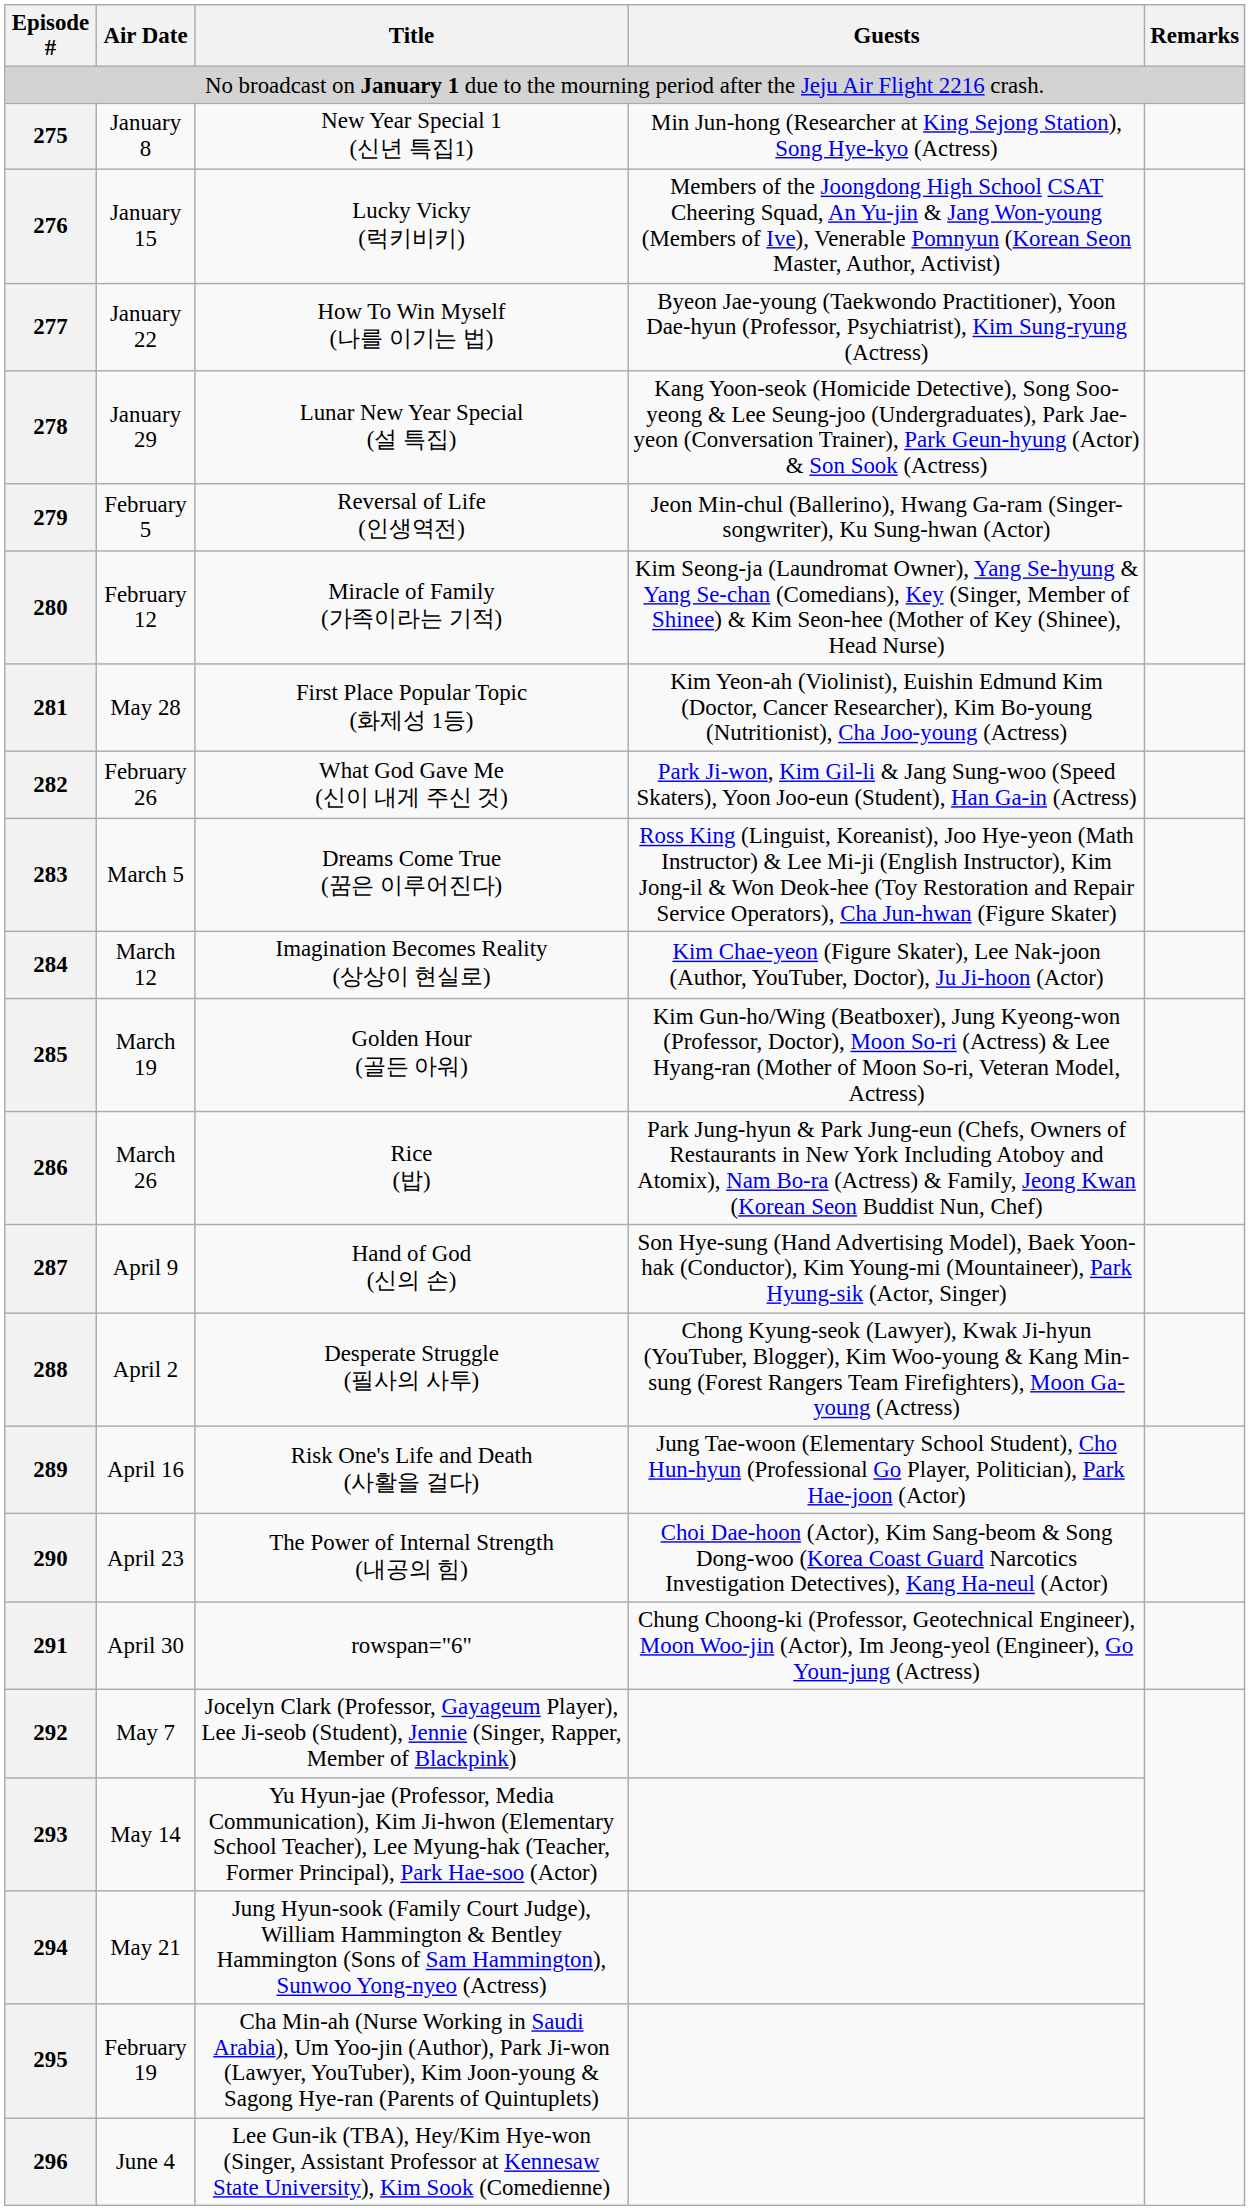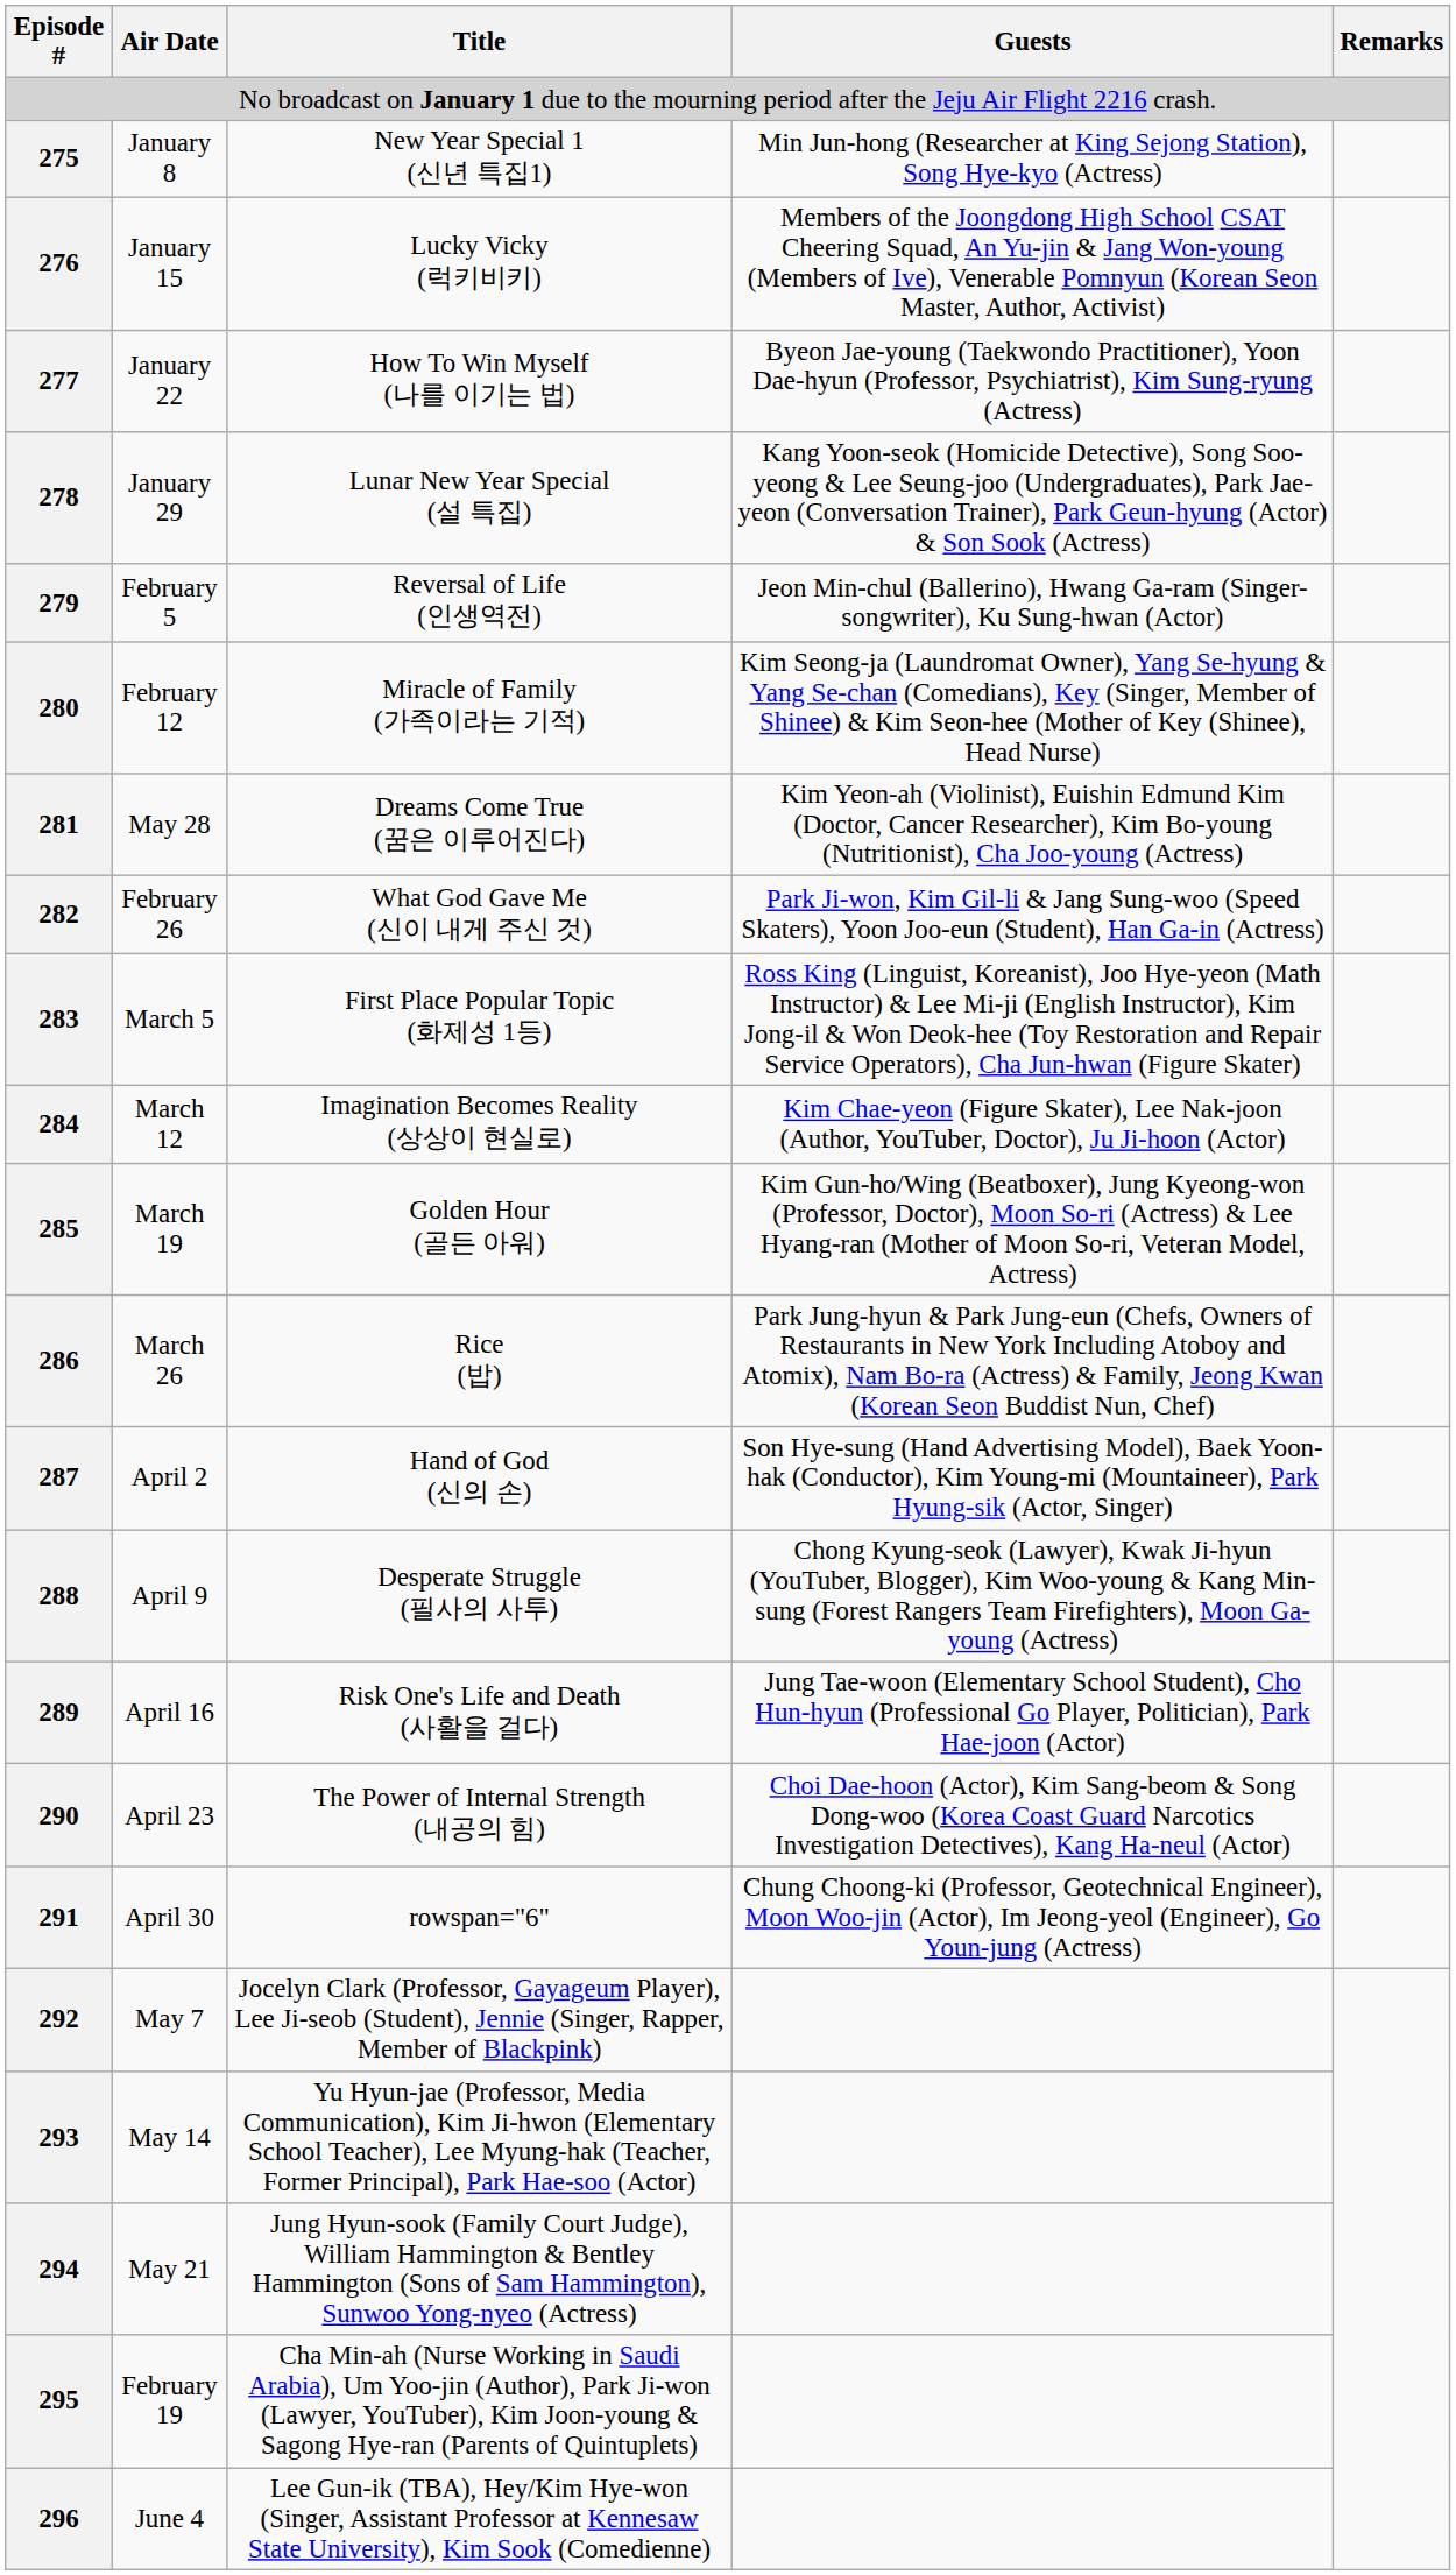 <table class="wikitable" style="text-align:center;">
 <tr>
 <th>Episode #</th>
 <th>Air Date</th>
 <th>Title</th>
 <th>Guests</th>
 <th>Remarks</th>
 </tr>
 <tr>
 <td colspan="5" style="text-align:center;background:Lightgray">No broadcast on <strong>January 1</strong> due to the mourning period after the <a href='#'>Jeju Air Flight 2216</a> crash.</td>
 </tr>
 <tr>
 <th>275</th>
 <td>January 8</td>
 <td>New Year Special 1<br>(신년 특집1)</td>
 <td>Min Jun-hong (Researcher at <a href='#'>King Sejong Station</a>), <a href='#'>Song Hye-kyo</a> (Actress)</td>
 <td></td>
 </tr>
 <tr>
 <th>276</th>
 <td>January 15</td>
 <td>Lucky Vicky<br>(럭키비키)</td>
 <td>Members of the <a href='#'>Joongdong High School</a> <a href='#'>CSAT</a> Cheering Squad, <a href='#'>An Yu-jin</a> & <a href='#'>Jang Won-young</a> (Members of <a href='#'>Ive</a>), Venerable <a href='#'>Pomnyun</a> (<a href='#'>Korean Seon</a> Master, Author, Activist)</td>
 <td></td>
 </tr>
 <tr>
 <th>277</th>
 <td>January 22</td>
 <td>How To Win Myself<br>(나를 이기는 법)</td>
 <td>Byeon Jae-young (Taekwondo Practitioner), Yoon Dae-hyun (Professor, Psychiatrist), <a href='#'>Kim Sung-ryung</a> (Actress)</td>
 <td></td>
 </tr>
 <tr>
 <th>278</th>
 <td>January 29</td>
 <td>Lunar New Year Special<br>(설 특집)</td>
 <td>Kang Yoon-seok (Homicide Detective), Song Soo-yeong & Lee Seung-joo (Undergraduates), Park Jae-yeon (Conversation Trainer), <a href='#'>Park Geun-hyung</a> (Actor) & <a href='#'>Son Sook</a> (Actress)</td>
 <td></td>
 </tr>
 <tr>
 <th>279</th>
 <td>February 5</td>
 <td>Reversal of Life<br>(인생역전)</td>
 <td>Jeon Min-chul (Ballerino), Hwang Ga-ram (Singer-songwriter), Ku Sung-hwan (Actor)</td>
 <td></td>
 </tr>
 <tr>
 <th>280</th>
 <td>February 12</td>
 <td>Miracle of Family<br>(가족이라는 기적)</td>
 <td>Kim Seong-ja (Laundromat Owner), <a href='#'>Yang Se-hyung</a> & <a href='#'>Yang Se-chan</a> (Comedians), <a href='#'>Key</a> (Singer, Member of <a href='#'>Shinee</a>) & Kim Seon-hee (Mother of Key (Shinee), Head Nurse)</td>
 <td></td>
 </tr>
 <tr>
 <th>281</th>
 <td>May 28</td>
-<td>First Place Popular Topic<br>(화제성 1등)</td>
+<td>Dreams Come True<br>(꿈은 이루어진다)</td>
 <td>Kim Yeon-ah (Violinist), Euishin Edmund Kim (Doctor, Cancer Researcher), Kim Bo-young (Nutritionist), <a href='#'>Cha Joo-young</a> (Actress)</td>
 <td></td>
 </tr>
 <tr>
 <th>282</th>
 <td>February 26</td>
 <td>What God Gave Me<br>(신이 내게 주신 것)</td>
 <td><a href='#'>Park Ji-won</a>, <a href='#'>Kim Gil-li</a> & Jang Sung-woo (Speed Skaters), Yoon Joo-eun (Student), <a href='#'>Han Ga-in</a> (Actress)</td>
 <td></td>
 </tr>
 <tr>
 <th>283</th>
 <td>March 5</td>
-<td>Dreams Come True<br>(꿈은 이루어진다)</td>
+<td>First Place Popular Topic<br>(화제성 1등)</td>
 <td><a href='#'>Ross King</a> (Linguist, Koreanist), Joo Hye-yeon (Math Instructor) & Lee Mi-ji (English Instructor), Kim Jong-il & Won Deok-hee (Toy Restoration and Repair Service Operators), <a href='#'>Cha Jun-hwan</a> (Figure Skater)</td>
 <td></td>
 </tr>
 <tr>
 <th>284</th>
 <td>March 12</td>
 <td>Imagination Becomes Reality<br>(상상이 현실로)</td>
 <td><a href='#'>Kim Chae-yeon</a> (Figure Skater), Lee Nak-joon (Author, YouTuber, Doctor), <a href='#'>Ju Ji-hoon</a> (Actor)</td>
 <td></td>
 </tr>
 <tr>
 <th>285</th>
 <td>March 19</td>
 <td>Golden Hour<br>(골든 아워)</td>
 <td>Kim Gun-ho/Wing (Beatboxer), Jung Kyeong-won (Professor, Doctor), <a href='#'>Moon So-ri</a> (Actress) & Lee Hyang-ran (Mother of Moon So-ri, Veteran Model, Actress)</td>
 <td></td>
 </tr>
 <tr>
 <th>286</th>
 <td>March 26</td>
 <td>Rice<br>(밥)</td>
 <td>Park Jung-hyun & Park Jung-eun (Chefs, Owners of Restaurants in New York Including Atoboy and Atomix), <a href='#'>Nam Bo-ra</a> (Actress) & Family, <a href='#'>Jeong Kwan</a> (<a href='#'>Korean Seon</a> Buddist Nun, Chef)</td>
 <td></td>
 </tr>
 <tr>
 <th>287</th>
-<td>April 9</td>
+<td>April 2</td>
 <td>Hand of God<br>(신의 손)</td>
 <td>Son Hye-sung (Hand Advertising Model), Baek Yoon-hak (Conductor), Kim Young-mi (Mountaineer), <a href='#'>Park Hyung-sik</a> (Actor, Singer)</td>
 <td></td>
 </tr>
 <tr>
 <th>288</th>
-<td>April 2</td>
+<td>April 9</td>
 <td>Desperate Struggle<br>(필사의 사투)</td>
 <td>Chong Kyung-seok (Lawyer), Kwak Ji-hyun (YouTuber, Blogger), Kim Woo-young & Kang Min-sung (Forest Rangers Team Firefighters), <a href='#'>Moon Ga-young</a> (Actress)</td>
 <td></td>
 </tr>
 <tr>
 <th>289</th>
 <td>April 16</td>
 <td>Risk One's Life and Death<br>(사활을 걸다)</td>
 <td>Jung Tae-woon (Elementary School Student), <a href='#'>Cho Hun-hyun</a> (Professional <a href='#'>Go</a> Player, Politician), <a href='#'>Park Hae-joon</a> (Actor)</td>
 <td></td>
 </tr>
 <tr>
 <th>290</th>
 <td>April 23</td>
 <td>The Power of Internal Strength<br>(내공의 힘)</td>
 <td><a href='#'>Choi Dae-hoon</a> (Actor), Kim Sang-beom & Song Dong-woo (<a href='#'>Korea Coast Guard</a> Narcotics Investigation Detectives), <a href='#'>Kang Ha-neul</a> (Actor)</td>
 <td></td>
 </tr>
 <tr>
 <th>291</th>
 <td>April 30</td>
 <td>rowspan="6" </td>
 <td>Chung Choong-ki (Professor, Geotechnical Engineer), <a href='#'>Moon Woo-jin</a> (Actor), Im Jeong-yeol (Engineer), <a href='#'>Go Youn-jung</a> (Actress)</td>
 <td></td>
 </tr>
 <tr>
 <th>292</th>
 <td>May 7</td>
 <td>Jocelyn Clark (Professor, <a href='#'>Gayageum</a> Player), Lee Ji-seob (Student), <a href='#'>Jennie</a> (Singer, Rapper, Member of <a href='#'>Blackpink</a>)</td>
 <td></td>
 </tr>
 <tr>
 <th>293</th>
 <td>May 14</td>
 <td>Yu Hyun-jae (Professor, Media Communication), Kim Ji-hwon (Elementary School Teacher), Lee Myung-hak (Teacher, Former Principal), <a href='#'>Park Hae-soo</a> (Actor)</td>
 <td></td>
 </tr>
 <tr>
 <th>294</th>
 <td>May 21</td>
 <td>Jung Hyun-sook (Family Court Judge), William Hammington & Bentley Hammington (Sons of <a href='#'>Sam Hammington</a>), <a href='#'>Sunwoo Yong-nyeo</a> (Actress)</td>
 <td></td>
 </tr>
 <tr>
 <th>295</th>
 <td>February 19</td>
 <td>Cha Min-ah (Nurse Working in <a href='#'>Saudi Arabia</a>), Um Yoo-jin (Author), Park Ji-won (Lawyer, YouTuber), Kim Joon-young & Sagong Hye-ran (Parents of Quintuplets)</td>
 <td></td>
 </tr>
 <tr>
 <th>296</th>
 <td>June 4</td>
 <td>Lee Gun-ik (TBA), Hey/Kim Hye-won (Singer, Assistant Professor at <a href='#'>Kennesaw State University</a>), <a href='#'>Kim Sook</a> (Comedienne)</td>
 <td></td>
 </tr>
 <tr>
 </tr>
 </table>
